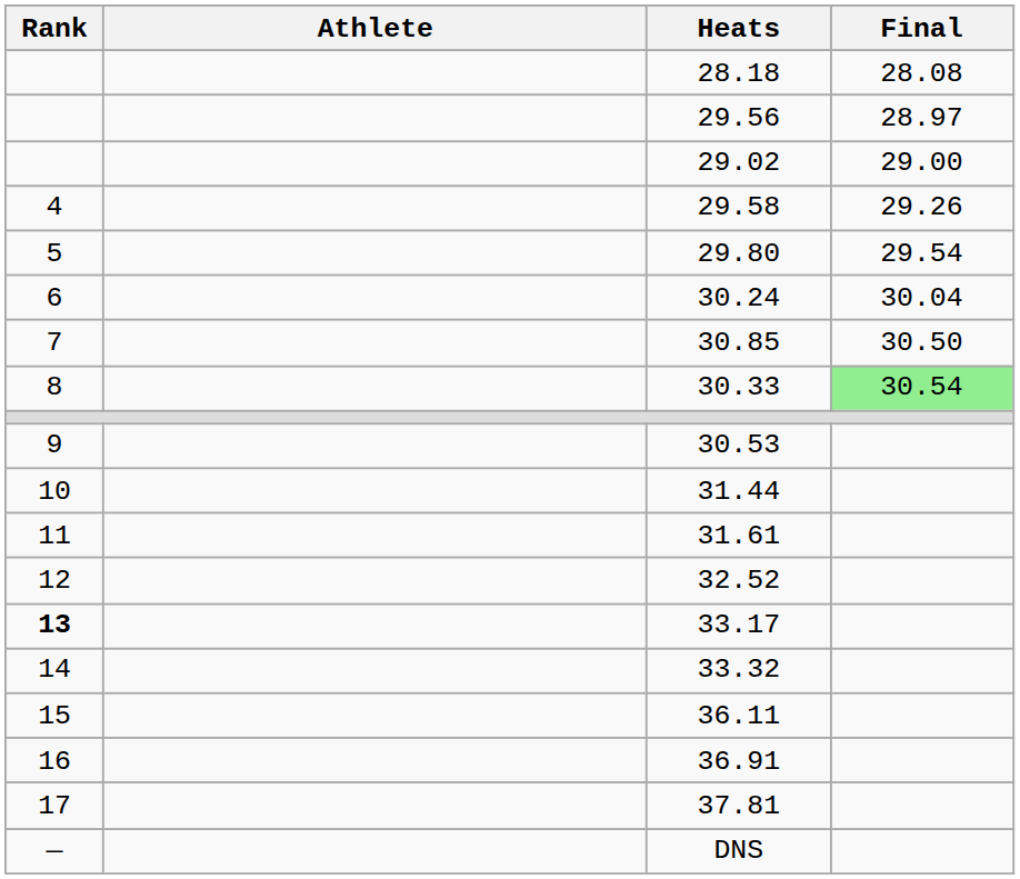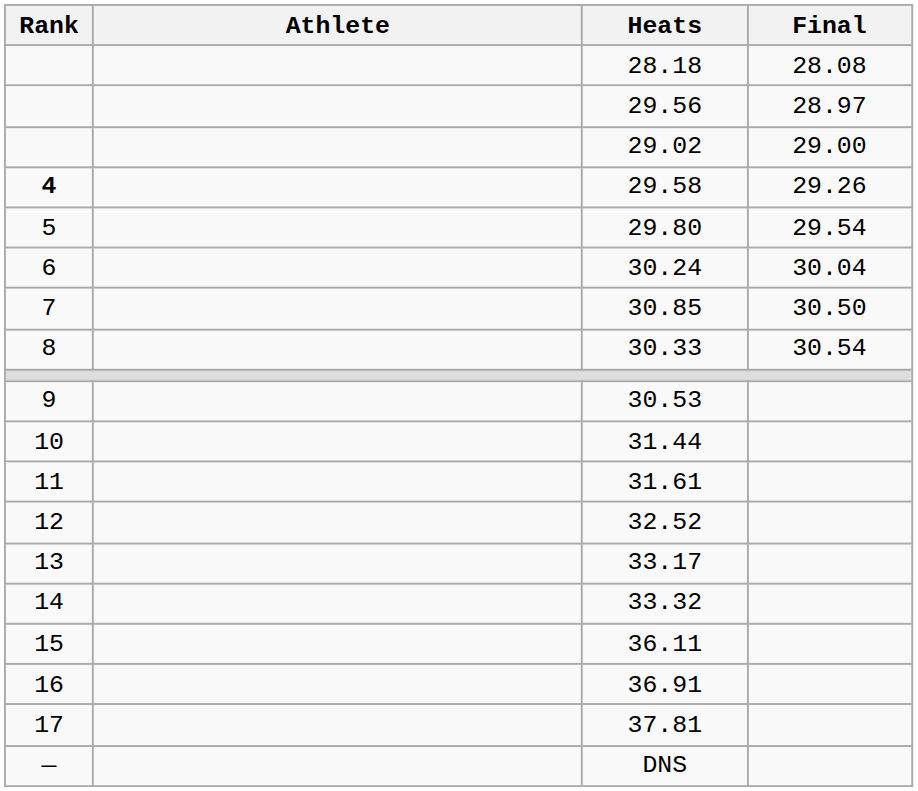 <table class=wikitable style="text-align:center">
 <tr>
 <th width=40>Rank</th>
 <th width=250>Athlete</th>
 <th width=80>Heats</th>
 <th width=80>Final</th>
 </tr>
 <tr>
 <td></td>
 <td align=left></td>
 <td>28.18</td>
 <td>28.08</td>
 </tr>
 <tr>
 <td></td>
 <td align=left></td>
 <td>29.56</td>
 <td>28.97</td>
 </tr>
 <tr>
 <td></td>
 <td align=left></td>
 <td>29.02</td>
 <td>29.00</td>
 </tr>
 <tr>
-<td>4</td>
+<td><strong>4</strong></td>
 <td align=left></td>
 <td>29.58</td>
 <td>29.26</td>
 </tr>
 <tr>
 <td>5</td>
 <td align=left></td>
 <td>29.80</td>
 <td>29.54</td>
 </tr>
 <tr>
 <td>6</td>
 <td align=left></td>
 <td>30.24</td>
 <td>30.04</td>
 </tr>
 <tr>
 <td>7</td>
 <td align=left></td>
 <td>30.85 </td>
 <td>30.50</td>
 </tr>
 <tr>
 <td>8</td>
 <td align=left></td>
 <td>30.33</td>
-<td style="background: lightgreen;">30.54</td>
+<td>30.54</td>
 </tr>
 <tr bgcolor=#DDDDDD>
 <td colspan=4></td>
 </tr>
 <tr>
 <td>9</td>
 <td align=left></td>
 <td>30.53 </td>
 <td></td>
 </tr>
 <tr>
 <td>10</td>
 <td align=left></td>
 <td>31.44</td>
 <td></td>
 </tr>
 <tr>
 <td>11</td>
 <td align=left></td>
 <td>31.61</td>
 <td></td>
 </tr>
 <tr>
 <td>12</td>
 <td align=left></td>
 <td>32.52</td>
 <td></td>
 </tr>
 <tr>
-<td><strong>13</strong></td>
+<td>13</td>
 <td align=left></td>
 <td>33.17</td>
 <td></td>
 </tr>
 <tr>
 <td>14</td>
 <td align=left></td>
 <td>33.32</td>
 <td></td>
 </tr>
 <tr>
 <td>15</td>
 <td align=left></td>
 <td>36.11</td>
 <td></td>
 </tr>
 <tr>
 <td>16</td>
 <td align=left></td>
 <td>36.91</td>
 <td></td>
 </tr>
 <tr>
 <td>17</td>
 <td align=left></td>
 <td>37.81</td>
 <td></td>
 </tr>
 <tr>
 <td>—</td>
 <td align=left></td>
 <td>DNS</td>
 <td></td>
 </tr>
 </table>
